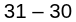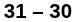 <table style="text-align:center">
 <tr>
 <th width=200></th>
 <th width=100></th>
 <th width=200></th>
 </tr>
 <tr>
 <td align=right><strong></strong></td>
-<td>31 – 30</td>
+<td><strong>31 – 30</strong></td>
 <td align=left></td>
 </tr>
 </table>
